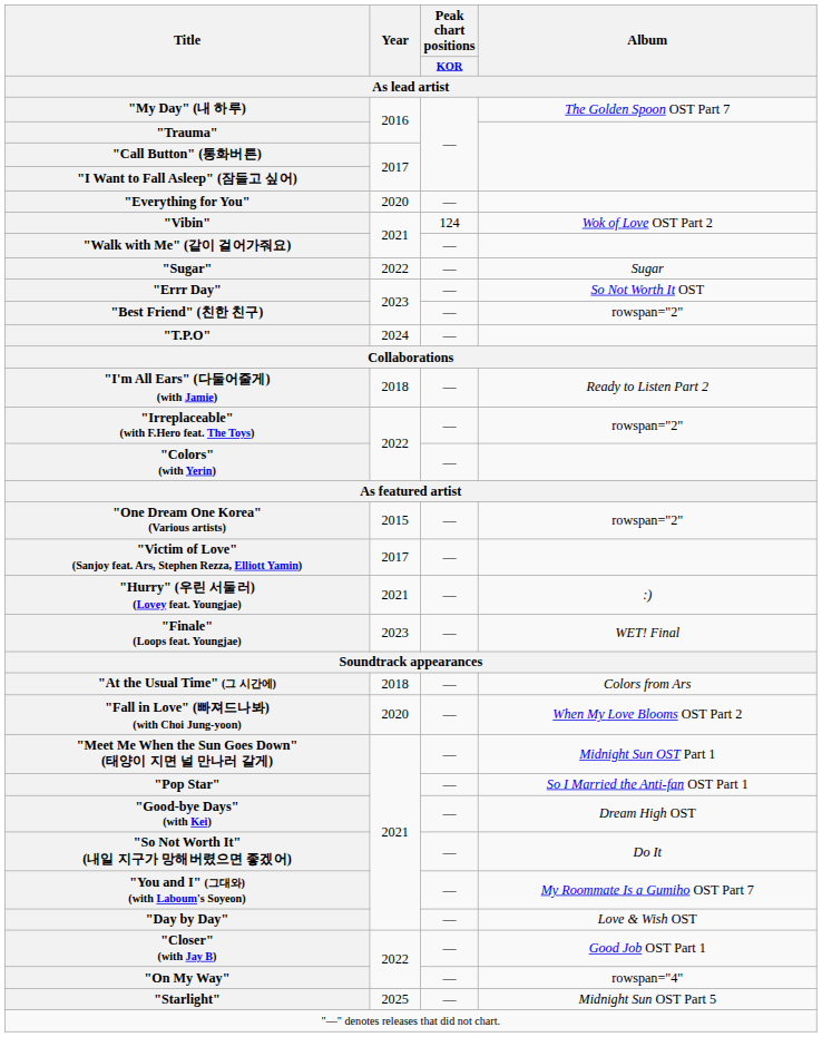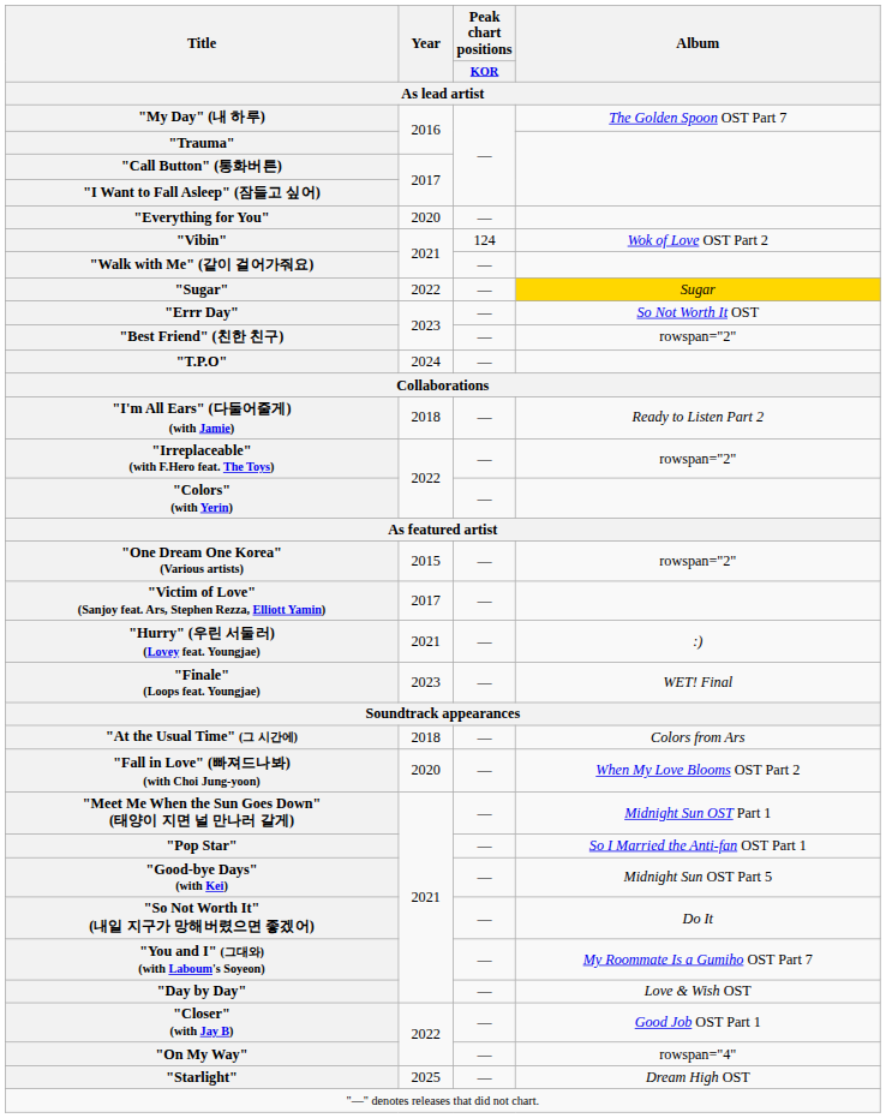 <table class="wikitable plainrowheaders" style="text-align:center; width:60em">
 <tr>
 <th scope="col" rowspan="2">Title</th>
 <th scope="col" rowspan="2">Year</th>
 <th scope="col" colspan="1">Peak chart positions</th>
 <th scope="col" rowspan="2">Album</th>
 </tr>
 <tr>
 <th scope="col" style="width:3em;font-size:85%;"><a href='#'>KOR</a><br></th>
 </tr>
 <tr>
 <th colspan="5">As lead artist</th>
 </tr>
 <tr>
 <th scope="row">"My Day" (내 하루)</th>
 <td rowspan="2">2016</td>
 <td rowspan="4">—</td>
 <td><em><a href='#'>The Golden Spoon</a></em> OST Part 7</td>
 </tr>
 <tr>
 <th scope="row">"Trauma"</th>
 </tr>
 <tr>
 <th scope="row">"Call Button" (통화버튼) <br></th>
 <td rowspan="2">2017</td>
 </tr>
 <tr>
 <th scope="row">"I Want to Fall Asleep" (잠들고 싶어) <br></th>
 </tr>
 <tr>
 <th scope="row">"Everything for You"</th>
 <td>2020</td>
 <td>—</td>
 <td></td>
 </tr>
 <tr>
 <th scope="row">"Vibin"</th>
 <td rowspan="2">2021</td>
 <td>124</td>
 <td><em><a href='#'>Wok of Love</a></em> OST Part 2</td>
 </tr>
 <tr>
 <th scope="row">"Walk with Me" (같이 걸어가줘요)</th>
 <td>—</td>
 <td></td>
 </tr>
 <tr>
 <th scope="row">"Sugar"</th>
 <td>2022</td>
 <td>—</td>
-<td><em>Sugar</em></td>
+<td style="background: gold;"><em>Sugar</em></td>
 </tr>
 <tr>
 <th scope="row">"Errr Day"</th>
 <td rowspan="2">2023</td>
 <td>—</td>
 <td><em><a href='#'>So Not Worth It</a></em> OST</td>
 </tr>
 <tr>
 <th scope="row">"Best Friend" (친한 친구)</th>
 <td>—</td>
 <td>rowspan="2" </td>
 </tr>
 <tr>
 <th scope="row">"T.P.O"</th>
 <td>2024</td>
 <td>—</td>
 </tr>
 <tr>
 <th colspan="5">Collaborations</th>
 </tr>
 <tr>
 <th scope="row">"I'm All Ears" (다둘어줄게)<br><small>(with <a href='#'>Jamie</a>)</small></th>
 <td>2018</td>
 <td>—</td>
 <td><em>Ready to Listen Part 2</em></td>
 </tr>
 <tr>
 <th scope="row">"Irreplaceable"<br><small>(with F.Hero feat. <a href='#'>The Toys</a>)</small></th>
 <td rowspan="2">2022</td>
 <td>—</td>
 <td>rowspan="2" </td>
 </tr>
 <tr>
 <th scope="row">"Colors"<br><small>(with <a href='#'>Yerin</a>)</small></th>
 <td>—</td>
 </tr>
 <tr>
 <th colspan="5">As featured artist</th>
 </tr>
 <tr>
 <th scope="row">"One Dream One Korea" <small><br>(Various artists)</small></th>
 <td>2015</td>
 <td>—</td>
 <td>rowspan="2" </td>
 </tr>
 <tr>
 <th scope="row">"Victim of Love"<br><small>(Sanjoy feat. Ars, Stephen Rezza, <a href='#'>Elliott Yamin</a>)</small></th>
 <td>2017</td>
 <td>—</td>
 </tr>
 <tr>
 <th scope="row">"Hurry" (우린 서둘러)<br><small>(<a href='#'>Lovey</a> feat. Youngjae)</small></th>
 <td>2021</td>
 <td>—</td>
 <td><em>:)</em></td>
 </tr>
 <tr>
 <th scope="row">"Finale"<br><small>(Loops feat. Youngjae)</small></th>
 <td>2023</td>
 <td>—</td>
 <td><em>WET! Final</em></td>
 </tr>
 <tr>
 <th colspan="5">Soundtrack appearances</th>
 </tr>
 <tr>
 <th scope="row">"At the Usual Time" <small>(그 시간에)</small></th>
 <td>2018</td>
 <td>—</td>
 <td><em>Colors from Ars</em></td>
 </tr>
 <tr>
 <th scope="row">"Fall in Love" (빠져드나봐)<br><small>(with Choi Jung-yoon)</small></th>
 <td>2020</td>
 <td>—</td>
 <td><em><a href='#'>When My Love Blooms</a></em> OST Part 2</td>
 </tr>
 <tr>
 <th scope="row">"Meet Me When the Sun Goes Down" <br> (태양이 지면 널 만나러 갈게)</th>
 <td rowspan="6">2021</td>
 <td>—</td>
 <td><em><a href='#'>Midnight Sun OST</a></em> Part 1</td>
 </tr>
 <tr>
 <th scope="row">"Pop Star"</th>
 <td>—</td>
 <td><em><a href='#'>So I Married the Anti-fan</a></em> OST Part 1</td>
 </tr>
 <tr>
 <th scope="row">"Good-bye Days"<br><small>(with <a href='#'>Kei</a>)</small></th>
 <td>—</td>
-<td><em>Dream High</em> OST</td>
+<td><em>Midnight Sun</em> OST Part 5</td>
 </tr>
 <tr>
 <th scope="row">"So Not Worth It" <br>(내일 지구가 망해버렸으면 좋겠어)</th>
 <td>—</td>
 <td><em>Do It</em></td>
 </tr>
 <tr>
 <th scope="row">"You and I" <small>(그대와)</small><br><small>(with <a href='#'>Laboum</a>'s Soyeon)</small></th>
 <td>—</td>
 <td><em><a href='#'>My Roommate Is a Gumiho</a></em> OST Part 7</td>
 </tr>
 <tr>
 <th scope="row">"Day by Day"</th>
 <td>—</td>
 <td><em>Love & Wish</em> OST</td>
 </tr>
 <tr>
 <th scope="row">"Closer"<br><small>(with <a href='#'>Jay B</a>)</small></th>
 <td rowspan="2">2022</td>
 <td>—</td>
 <td><em><a href='#'>Good Job</a></em> OST Part 1</td>
 </tr>
 <tr>
 <th scope="row">"On My Way"</th>
 <td>—</td>
 <td>rowspan="4" </td>
 </tr>
 <tr>
 <th scope="row">"Starlight"</th>
 <td>2025</td>
 <td>—</td>
-<td><em>Midnight Sun</em> OST Part 5</td>
+<td><em>Dream High</em> OST</td>
 </tr>
 <tr>
 <td colspan="5"><small>"—" denotes releases that did not chart.</small></td>
 </tr>
 </table>
